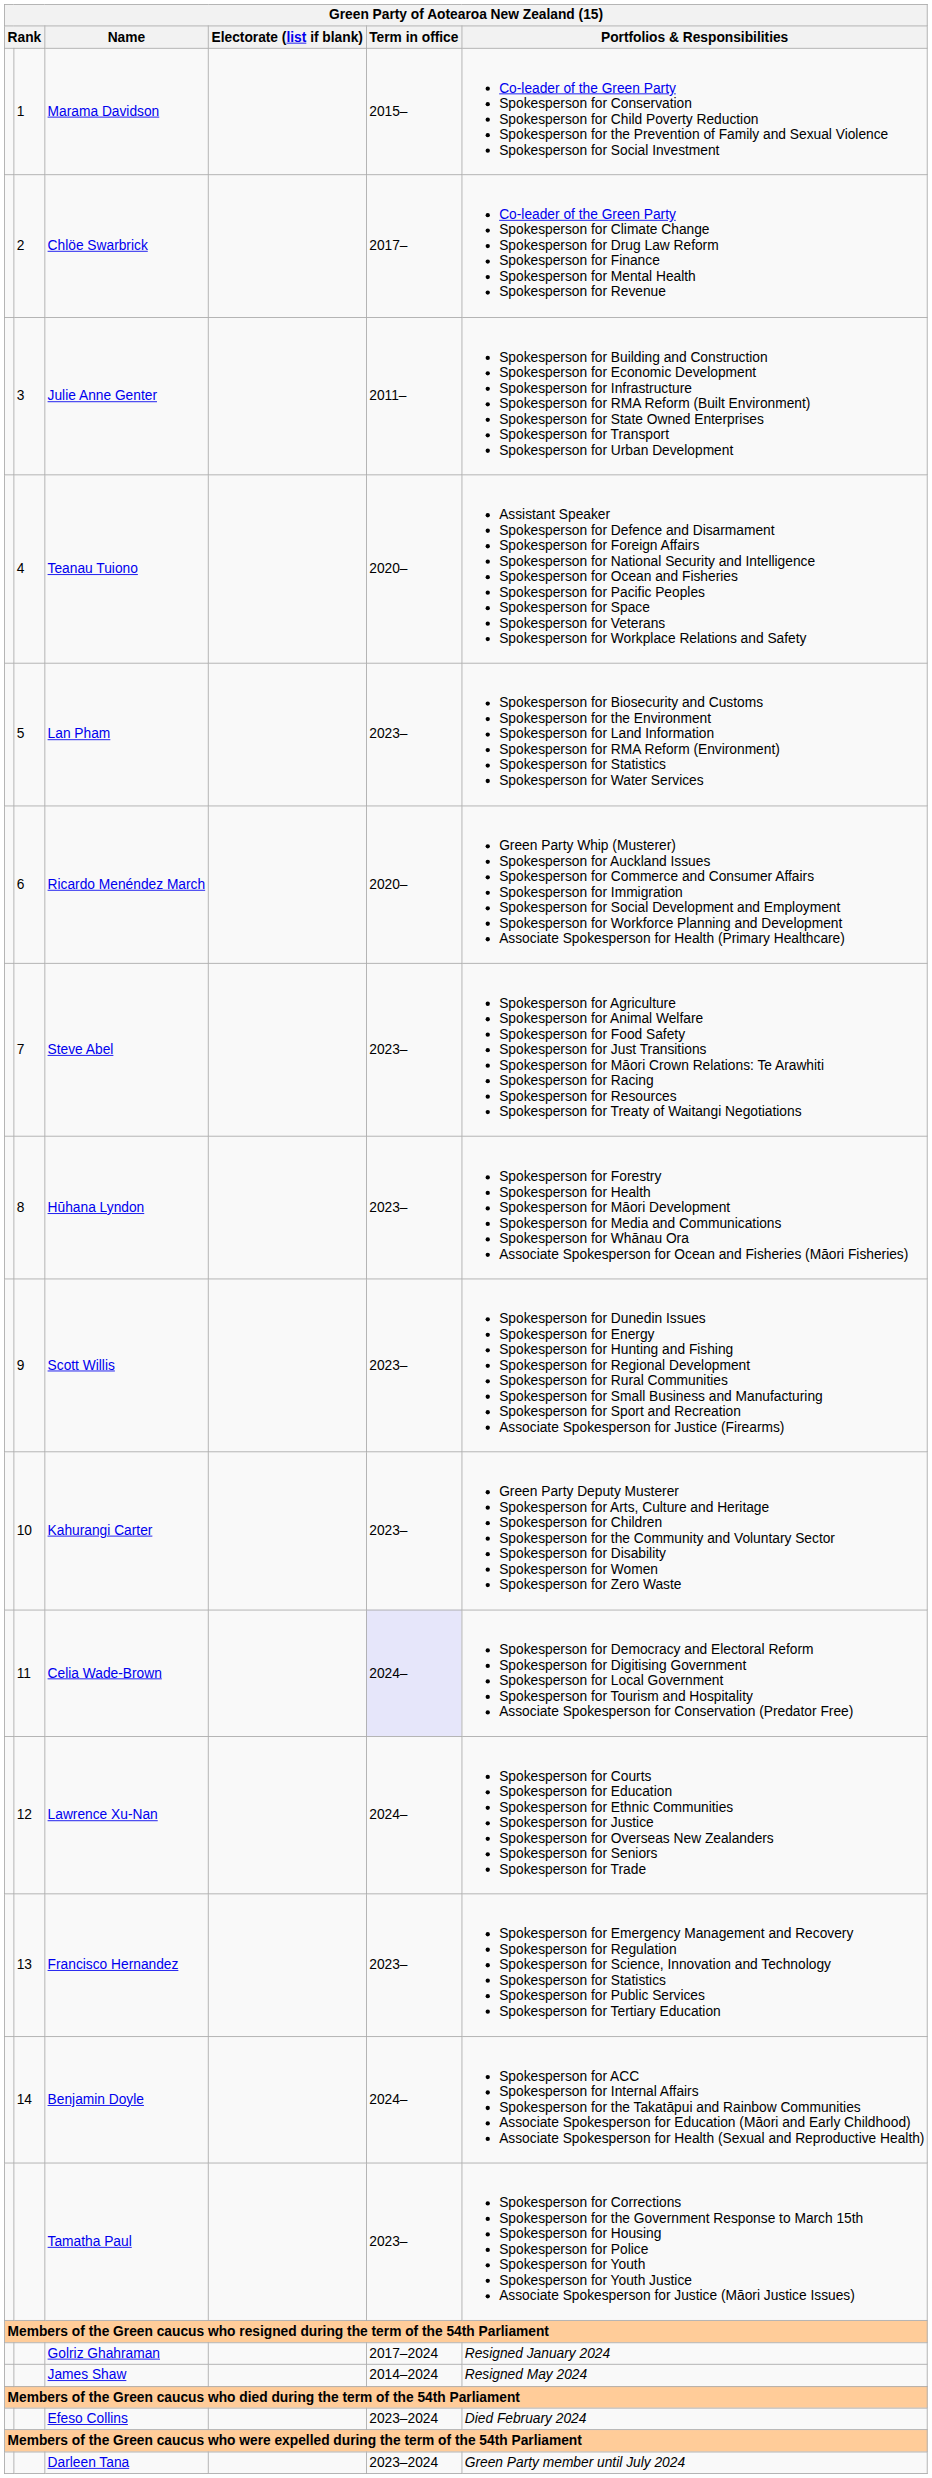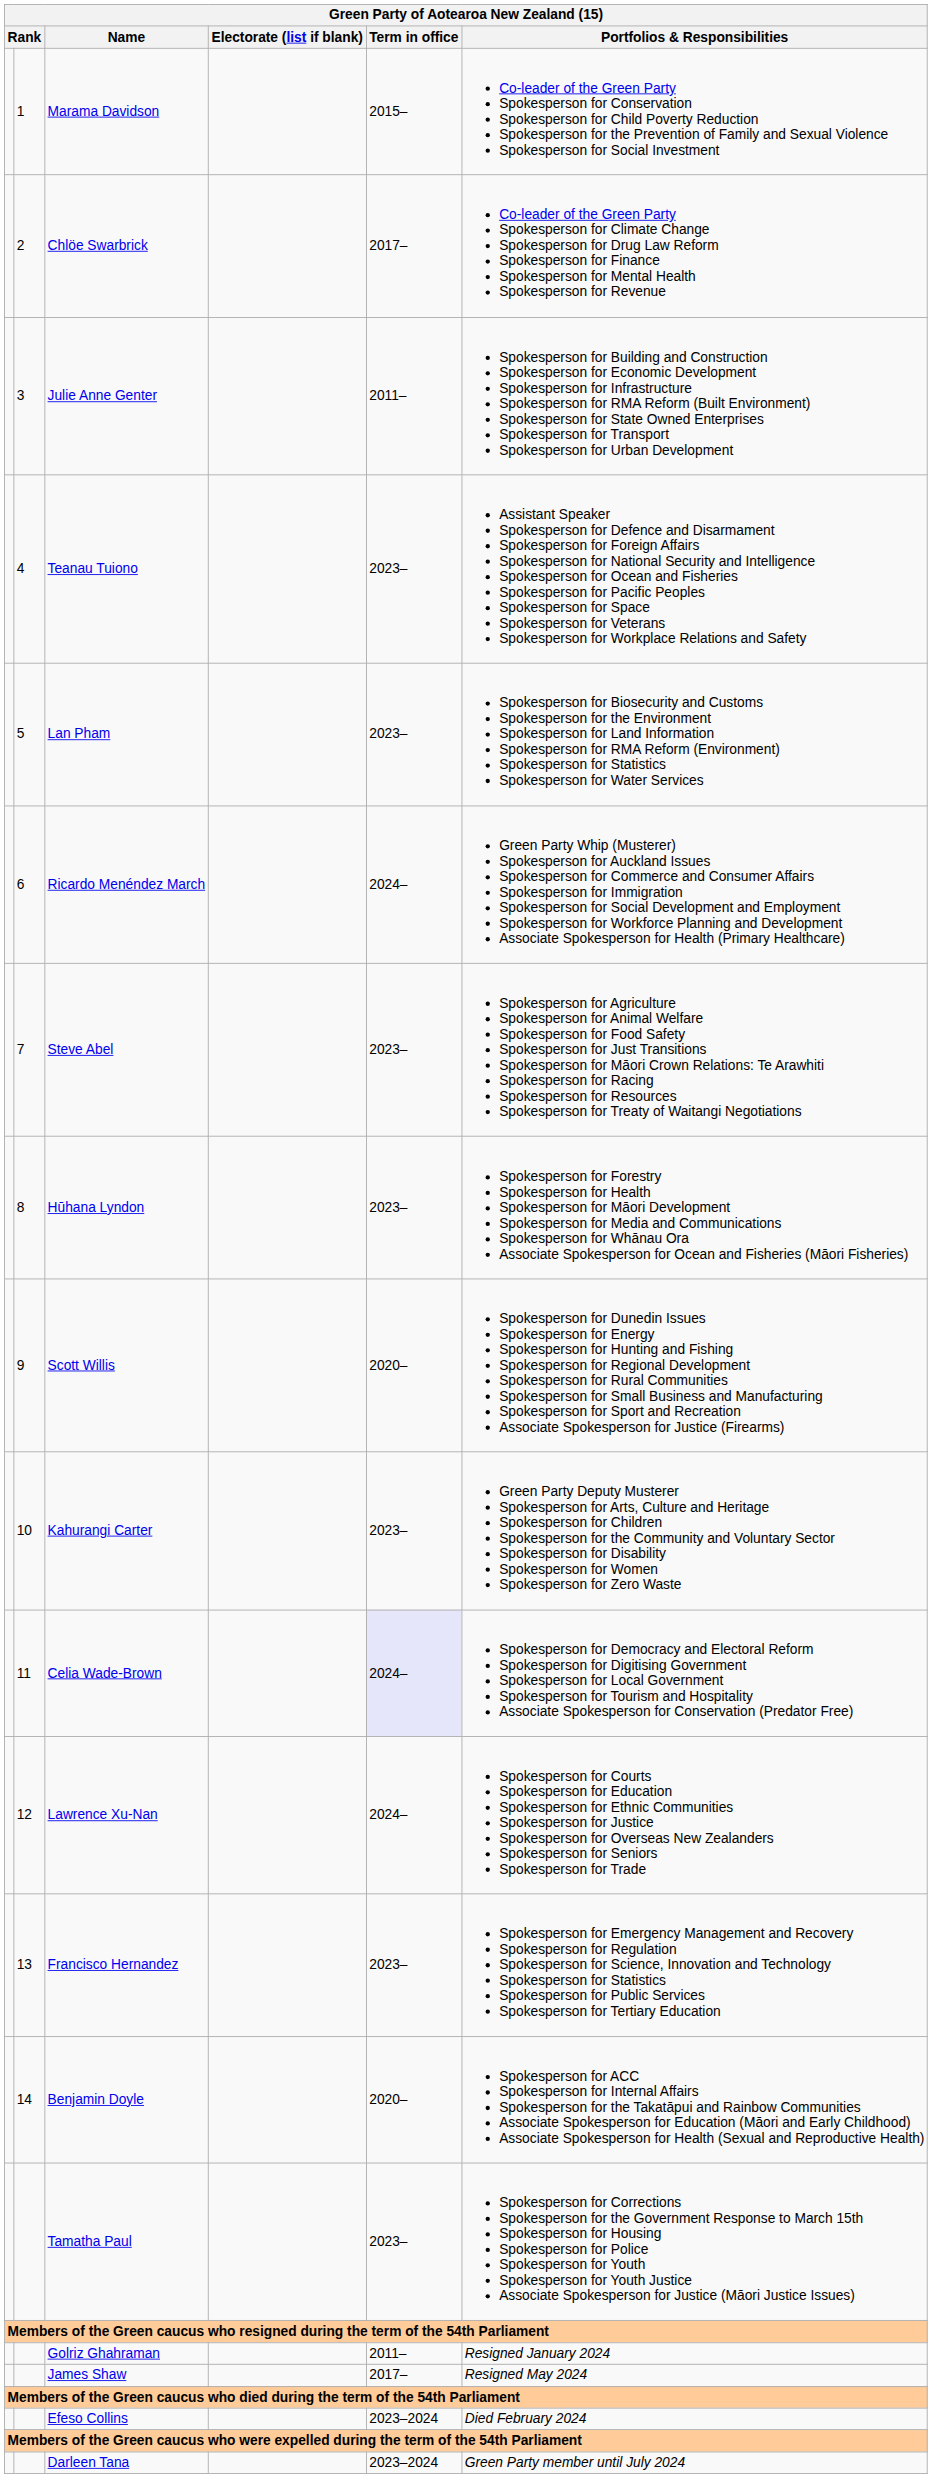 <table role="presentation" class="wikitable mw-collapsible mw-collapsed">
 <tr>
 <th colspan="6" style="width: 700pt; background: ">Green Party of Aotearoa New Zealand (15)</th>
 </tr>
 <tr>
 <th colspan="2">Rank</th>
 <th>Name</th>
 <th>Electorate (<a href='#'>list</a> if blank)</th>
 <th>Term in office</th>
 <th>Portfolios & Responsibilities</th>
 </tr>
 <tr>
 <td></td>
 <td>1</td>
 <td><a href='#'>Marama Davidson</a></td>
 <td></td>
 <td>2015–</td>
 <td><br><ul><li><a href='#'>Co-leader of the Green Party</a></li><li>Spokesperson for Conservation</li><li>Spokesperson for Child Poverty Reduction</li><li>Spokesperson for the Prevention of Family and Sexual Violence</li><li>Spokesperson for Social Investment</li></ul></td>
 </tr>
 <tr>
 <td></td>
 <td>2</td>
 <td><a href='#'>Chlöe Swarbrick</a></td>
 <td></td>
 <td>2017–</td>
 <td><br><ul><li><a href='#'>Co-leader of the Green Party</a></li><li>Spokesperson for Climate Change</li><li>Spokesperson for Drug Law Reform</li><li>Spokesperson for Finance</li><li>Spokesperson for Mental Health</li><li>Spokesperson for Revenue</li></ul></td>
 </tr>
 <tr>
 <td></td>
 <td>3</td>
 <td><a href='#'>Julie Anne Genter</a></td>
 <td></td>
 <td>2011–</td>
 <td><br><ul><li>Spokesperson for Building and Construction</li><li>Spokesperson for Economic Development</li><li>Spokesperson for Infrastructure</li><li>Spokesperson for RMA Reform (Built Environment)</li><li>Spokesperson for State Owned Enterprises</li><li>Spokesperson for Transport</li><li>Spokesperson for Urban Development</li></ul></td>
 </tr>
 <tr>
 <td></td>
 <td>4</td>
 <td><a href='#'>Teanau Tuiono</a></td>
 <td></td>
-<td>2020–</td>
+<td>2023–</td>
 <td><br><ul><li>Assistant Speaker</li><li>Spokesperson for Defence and Disarmament</li><li>Spokesperson for Foreign Affairs</li><li>Spokesperson for National Security and Intelligence</li><li>Spokesperson for Ocean and Fisheries</li><li>Spokesperson for Pacific Peoples</li><li>Spokesperson for Space</li><li>Spokesperson for Veterans</li><li>Spokesperson for Workplace Relations and Safety</li></ul></td>
 </tr>
 <tr>
 <td></td>
 <td>5</td>
 <td><a href='#'>Lan Pham</a></td>
 <td></td>
 <td>2023–</td>
 <td><br><ul><li>Spokesperson for Biosecurity and Customs</li><li>Spokesperson for the Environment</li><li>Spokesperson for Land Information</li><li>Spokesperson for RMA Reform (Environment)</li><li>Spokesperson for Statistics</li><li>Spokesperson for Water Services</li></ul></td>
 </tr>
 <tr>
 <td></td>
 <td>6</td>
 <td><a href='#'>Ricardo Menéndez March</a></td>
 <td></td>
-<td>2020–</td>
+<td>2024–</td>
 <td><br><ul><li>Green Party Whip (Musterer)</li><li>Spokesperson for Auckland Issues</li><li>Spokesperson for Commerce and Consumer Affairs</li><li>Spokesperson for Immigration</li><li>Spokesperson for Social Development and Employment</li><li>Spokesperson for Workforce Planning and Development</li><li>Associate Spokesperson for Health (Primary Healthcare)</li></ul></td>
 </tr>
 <tr>
 <td></td>
 <td>7</td>
 <td><a href='#'>Steve Abel</a></td>
 <td></td>
 <td>2023–</td>
 <td><br><ul><li>Spokesperson for Agriculture</li><li>Spokesperson for Animal Welfare</li><li>Spokesperson for Food Safety</li><li>Spokesperson for Just Transitions</li><li>Spokesperson for Māori Crown Relations: Te Arawhiti</li><li>Spokesperson for Racing</li><li>Spokesperson for Resources</li><li>Spokesperson for Treaty of Waitangi Negotiations</li></ul></td>
 </tr>
 <tr>
 <td></td>
 <td>8</td>
 <td><a href='#'>Hūhana Lyndon</a></td>
 <td></td>
 <td>2023–</td>
 <td><br><ul><li>Spokesperson for Forestry</li><li>Spokesperson for Health</li><li>Spokesperson for Māori Development</li><li>Spokesperson for Media and Communications</li><li>Spokesperson for Whānau Ora</li><li>Associate Spokesperson for Ocean and Fisheries (Māori Fisheries)</li></ul></td>
 </tr>
 <tr>
 <td></td>
 <td>9</td>
 <td><a href='#'>Scott Willis</a></td>
 <td></td>
-<td>2023–</td>
+<td>2020–</td>
 <td><br><ul><li>Spokesperson for Dunedin Issues</li><li>Spokesperson for Energy</li><li>Spokesperson for Hunting and Fishing</li><li>Spokesperson for Regional Development</li><li>Spokesperson for Rural Communities</li><li>Spokesperson for Small Business and Manufacturing</li><li>Spokesperson for Sport and Recreation</li><li>Associate Spokesperson for Justice (Firearms)</li></ul></td>
 </tr>
 <tr>
 <td></td>
 <td>10</td>
 <td><a href='#'>Kahurangi Carter</a></td>
 <td></td>
 <td>2023–</td>
 <td><br><ul><li>Green Party Deputy Musterer</li><li>Spokesperson for Arts, Culture and Heritage</li><li>Spokesperson for Children</li><li>Spokesperson for the Community and Voluntary Sector</li><li>Spokesperson for Disability</li><li>Spokesperson for Women</li><li>Spokesperson for Zero Waste</li></ul></td>
 </tr>
 <tr>
 <td></td>
 <td>11</td>
 <td><a href='#'>Celia Wade-Brown</a></td>
 <td></td>
 <td style="background: lavender;">2024–</td>
 <td><br><ul><li>Spokesperson for Democracy and Electoral Reform</li><li>Spokesperson for Digitising Government</li><li>Spokesperson for Local Government</li><li>Spokesperson for Tourism and Hospitality</li><li>Associate Spokesperson for Conservation (Predator Free)</li></ul></td>
 </tr>
 <tr>
 <td></td>
 <td>12</td>
 <td><a href='#'>Lawrence Xu-Nan</a></td>
 <td></td>
 <td>2024–</td>
 <td><br><ul><li>Spokesperson for Courts</li><li>Spokesperson for Education</li><li>Spokesperson for Ethnic Communities</li><li>Spokesperson for Justice</li><li>Spokesperson for Overseas New Zealanders</li><li>Spokesperson for Seniors</li><li>Spokesperson for Trade</li></ul></td>
 </tr>
 <tr>
 <td></td>
 <td>13</td>
 <td><a href='#'>Francisco Hernandez</a></td>
 <td></td>
 <td>2023–</td>
 <td><br><ul><li>Spokesperson for Emergency Management and Recovery</li><li>Spokesperson for Regulation</li><li>Spokesperson for Science, Innovation and Technology</li><li>Spokesperson for Statistics</li><li>Spokesperson for Public Services</li><li>Spokesperson for Tertiary Education</li></ul></td>
 </tr>
 <tr>
 <td></td>
 <td>14</td>
 <td><a href='#'>Benjamin Doyle</a></td>
 <td></td>
-<td>2024–</td>
+<td>2020–</td>
 <td><br><ul><li>Spokesperson for ACC</li><li>Spokesperson for Internal Affairs</li><li>Spokesperson for the Takatāpui and Rainbow Communities</li><li>Associate Spokesperson for Education (Māori and Early Childhood)</li><li>Associate Spokesperson for Health (Sexual and Reproductive Health)</li></ul></td>
 </tr>
 <tr>
 <td></td>
 <td></td>
 <td><a href='#'>Tamatha Paul</a></td>
 <td></td>
 <td>2023–</td>
 <td><br><ul><li>Spokesperson for Corrections</li><li>Spokesperson for the Government Response to March 15th</li><li>Spokesperson for Housing</li><li>Spokesperson for Police</li><li>Spokesperson for Youth</li><li>Spokesperson for Youth Justice</li><li>Associate Spokesperson for Justice (Māori Justice Issues)</li></ul></td>
 </tr>
 <tr>
 <td bgcolor=#ffcc99 colspan=6><strong>Members of the Green caucus who resigned during the term of the 54th Parliament</strong></td>
 </tr>
 <tr>
 <td></td>
 <td></td>
 <td><a href='#'>Golriz Ghahraman</a></td>
 <td></td>
-<td>2017–2024</td>
+<td>2011–</td>
 <td><em>Resigned January 2024</em></td>
 </tr>
 <tr>
 <td></td>
 <td></td>
 <td><a href='#'>James Shaw</a></td>
 <td></td>
-<td>2014–2024</td>
+<td>2017–</td>
 <td><em>Resigned May 2024</em></td>
 </tr>
 <tr>
 <td bgcolor=#ffcc99 colspan="6"><strong>Members of the Green caucus who died during the term of the 54th Parliament</strong></td>
 </tr>
 <tr>
 <td></td>
 <td></td>
 <td><a href='#'>Efeso Collins</a></td>
 <td></td>
 <td>2023–2024</td>
 <td><em>Died February 2024</em></td>
 </tr>
 <tr>
 <td bgcolor=#ffcc99 colspan="6"><strong>Members of the Green caucus who were expelled during the term of the 54th Parliament</strong></td>
 </tr>
 <tr>
 <td></td>
 <td></td>
 <td><a href='#'>Darleen Tana</a></td>
 <td></td>
 <td>2023–2024</td>
 <td><em>Green Party member until July 2024</em></td>
 </tr>
 </table>
